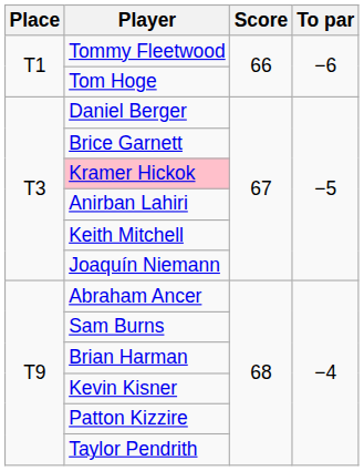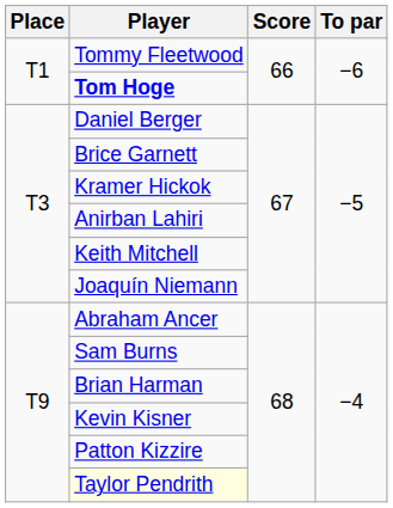 <table class="wikitable">
 <tr>
 <th>Place</th>
 <th>Player</th>
 <th>Score</th>
 <th>To par</th>
 </tr>
 <tr>
 <td rowspan=2 align=center>T1</td>
 <td> <a href='#'>Tommy Fleetwood</a></td>
 <td rowspan=2 align=center>66</td>
 <td rowspan=2 align=center>−6</td>
 </tr>
 <tr>
-<td> <a href='#'>Tom Hoge</a></td>
+<td><strong> <a href='#'>Tom Hoge</a></strong></td>
 </tr>
 <tr>
 <td rowspan=6 align=center>T3</td>
 <td> <a href='#'>Daniel Berger</a></td>
 <td rowspan=6 align=center>67</td>
 <td rowspan=6 align=center>−5</td>
 </tr>
 <tr>
 <td> <a href='#'>Brice Garnett</a></td>
 </tr>
 <tr>
-<td style="background: pink;"> <a href='#'>Kramer Hickok</a></td>
+<td> <a href='#'>Kramer Hickok</a></td>
 </tr>
 <tr>
 <td> <a href='#'>Anirban Lahiri</a></td>
 </tr>
 <tr>
 <td> <a href='#'>Keith Mitchell</a></td>
 </tr>
 <tr>
 <td> <a href='#'>Joaquín Niemann</a></td>
 </tr>
 <tr>
 <td rowspan=6 align=center>T9</td>
 <td> <a href='#'>Abraham Ancer</a></td>
 <td rowspan=6 align=center>68</td>
 <td rowspan=6 align=center>−4</td>
 </tr>
 <tr>
 <td> <a href='#'>Sam Burns</a></td>
 </tr>
 <tr>
 <td> <a href='#'>Brian Harman</a></td>
 </tr>
 <tr>
 <td> <a href='#'>Kevin Kisner</a></td>
 </tr>
 <tr>
 <td> <a href='#'>Patton Kizzire</a></td>
 </tr>
 <tr>
-<td> <a href='#'>Taylor Pendrith</a></td>
+<td style="background: lightyellow;"> <a href='#'>Taylor Pendrith</a></td>
 </tr>
 </table>
